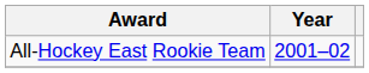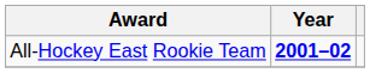 <table class="wikitable">
 <tr>
 <th>Award</th>
 <th>Year</th>
 <th></th>
 </tr>
 <tr>
 <td>All-<a href='#'>Hockey East</a> <a href='#'>Rookie Team</a></td>
-<td><a href='#'>2001–02</a></td>
+<td><strong><a href='#'>2001–02</a></strong></td>
 <td></td>
 </tr>
 <tr>
 </tr>
 </table>
